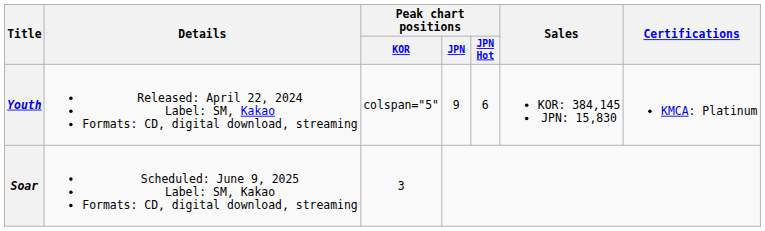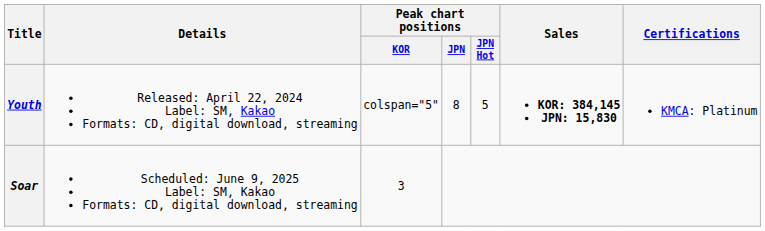 <table class="wikitable plainrowheaders" style="text-align:center">
 <tr>
 <th scope="col" rowspan="2">Title</th>
 <th scope="col" rowspan="2">Details</th>
 <th scope="col" colspan="3">Peak chart positions</th>
 <th scope="col" rowspan="2">Sales</th>
 <th scope="col" rowspan="2"><a href='#'>Certifications</a></th>
 </tr>
 <tr>
 <th scope="col" style="width:2.5em; font-size:85%"><a href='#'>KOR</a><br></th>
 <th scope="col" style="width:2.5em; font-size:85%"><a href='#'>JPN</a><br></th>
 <th scope="col" style="width:2.5em; font-size:85%"><a href='#'>JPN<br>Hot</a><br></th>
 </tr>
 <tr>
 <th scope="row"><em><a href='#'>Youth</a></em></th>
 <td><br><ul><li>Released: April 22, 2024</li><li>Label: SM, <a href='#'>Kakao</a></li><li>Formats: CD, digital download, streaming</li></ul></td>
 <td>colspan="5" </td>
-<td>9</td>
-<td>6</td>
-<td><br><ul><li>KOR: 384,145</li><li>JPN: 15,830</li></ul></td>
+<td>8</td>
+<td>5</td>
+<td><strong><br><ul><li>KOR: 384,145</li><li>JPN: 15,830</li></ul></strong></td>
 <td><br><ul><li><a href='#'>KMCA</a>: Platinum</li></ul></td>
 </tr>
 <tr>
 <th scope="row"><em>Soar</em></th>
 <td><br><ul><li>Scheduled: June 9, 2025</li><li>Label: SM, Kakao</li><li>Formats: CD, digital download, streaming</li></ul></td>
 <td>3</td>
 </tr>
 </table>
